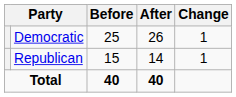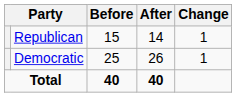 <table class="wikitable" style="text-align:center;">
 <tr>
 <th colspan="2">Party</th>
 <th>Before</th>
 <th>After</th>
 <th>Change</th>
 </tr>
 <tr>
 <th style="background-color:"></th>
-<td style="text-align:left;"><a href='#'>Democratic</a></td>
-<td>25</td>
-<td>26</td>
+<td style="text-align:left;"><a href='#'>Republican</a></td>
+<td>15</td>
+<td>14</td>
 <td> 1</td>
 </tr>
 <tr>
 <th style="background-color:"></th>
-<td style="text-align:left;"><a href='#'>Republican</a></td>
-<td>15</td>
-<td>14</td>
+<td style="text-align:left;"><a href='#'>Democratic</a></td>
+<td>25</td>
+<td>26</td>
 <td> 1</td>
 </tr>
 <tr>
 <td colspan="2"><strong>Total</strong></td>
 <td><strong>40</strong></td>
 <td><strong>40</strong></td>
 <td></td>
 </tr>
 </table>
